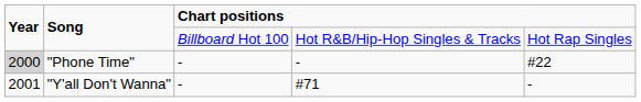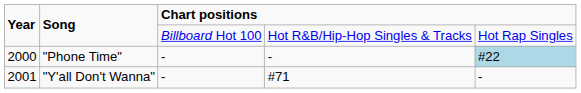 <table class="wikitable">
 <tr>
 <td rowspan="2"><strong>Year</strong></td>
 <td rowspan="2"><strong>Song</strong></td>
 <td colspan="4"><strong>Chart positions</strong></td>
 </tr>
 <tr>
 <td><a href='#'><em>Billboard</em> Hot 100</a></td>
 <td><a href='#'>Hot R&B/Hip-Hop Singles & Tracks</a></td>
 <td><a href='#'>Hot Rap Singles</a></td>
 </tr>
 <tr>
-<td style="background: lightgrey;">2000</td>
+<td>2000</td>
 <td>"Phone Time"</td>
 <td>-</td>
 <td>-</td>
-<td>#22</td>
+<td style="background: lightblue;">#22</td>
 </tr>
 <tr>
 <td>2001</td>
 <td>"Y'all Don't Wanna"</td>
 <td>-</td>
 <td>#71</td>
 <td>-</td>
 </tr>
 </table>
